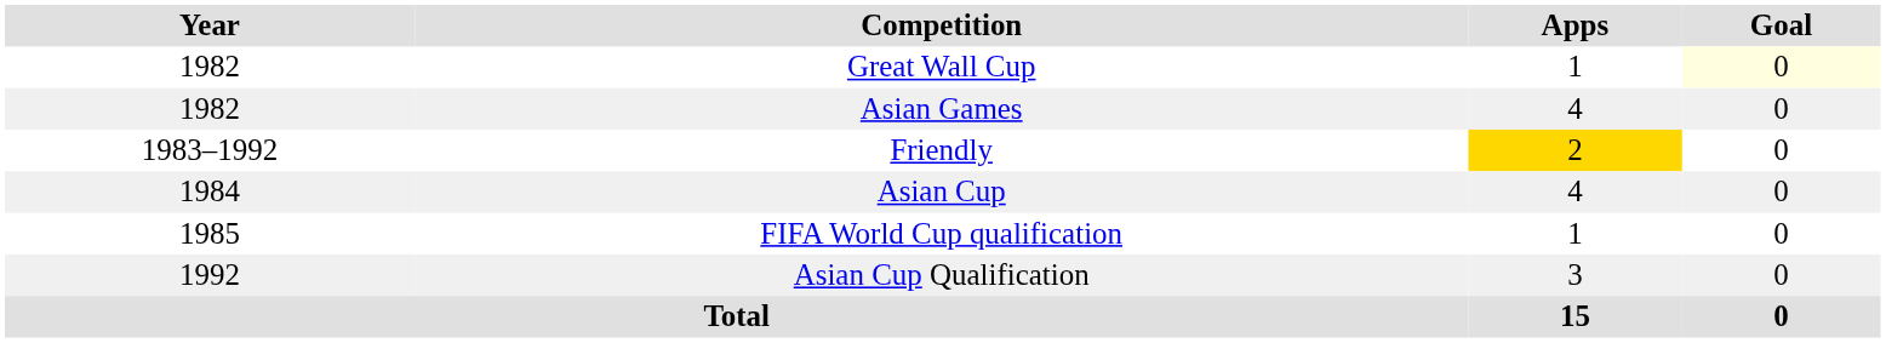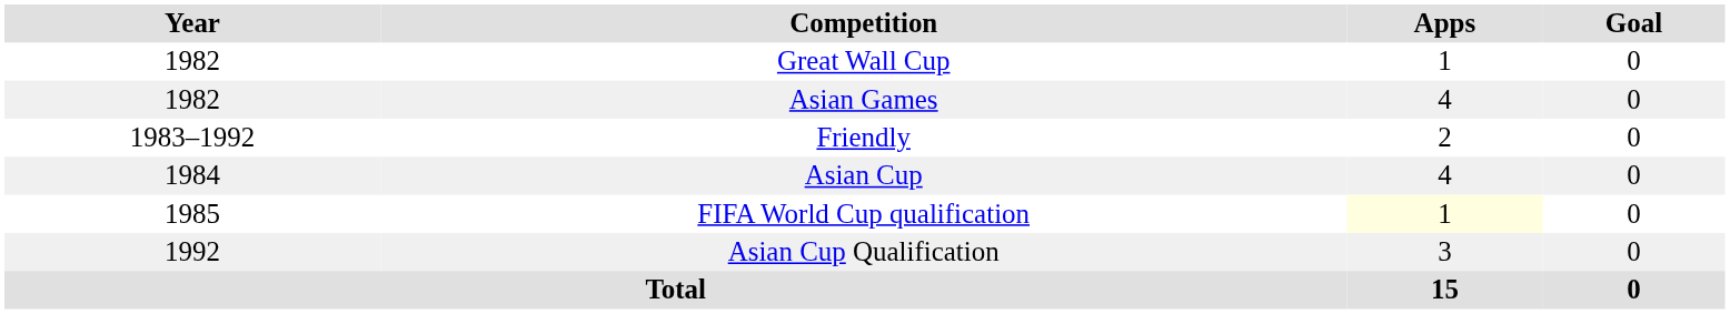 <table border="0" cellpadding="2" cellspacing="0" style="width:50%;">
 <tr style="text-align:center; background:#e0e0e0;">
 <th>Year</th>
 <th>Competition</th>
 <th>Apps</th>
 <th>Goal</th>
 </tr>
 <tr style="text-align:center;">
 <td>1982</td>
 <td><a href='#'>Great Wall Cup</a></td>
 <td>1</td>
-<td style="background: lightyellow;">0</td>
+<td>0</td>
 </tr>
 <tr style="text-align:center; background:#f0f0f0;">
 <td>1982</td>
 <td><a href='#'>Asian Games</a></td>
 <td>4</td>
 <td>0</td>
 </tr>
 <tr style="text-align:center;">
 <td>1983–1992</td>
 <td><a href='#'>Friendly</a></td>
-<td style="background: gold;">2</td>
+<td>2</td>
 <td>0</td>
 </tr>
 <tr style="text-align:center; background:#f0f0f0;">
 <td>1984</td>
 <td><a href='#'>Asian Cup</a></td>
 <td>4</td>
 <td>0</td>
 </tr>
 <tr style="text-align:center;">
 <td>1985</td>
 <td><a href='#'>FIFA World Cup qualification</a></td>
-<td>1</td>
+<td style="background: lightyellow;">1</td>
 <td>0</td>
 </tr>
 <tr style="text-align:center; background:#f0f0f0;">
 <td>1992</td>
 <td><a href='#'>Asian Cup</a> Qualification</td>
 <td>3</td>
 <td>0</td>
 </tr>
 <tr style="text-align:center; background:#e0e0e0;">
 <th colspan="2">Total</th>
 <th style="text-align:center;">15</th>
 <th style="text-align:center;">0</th>
 </tr>
 </table>
